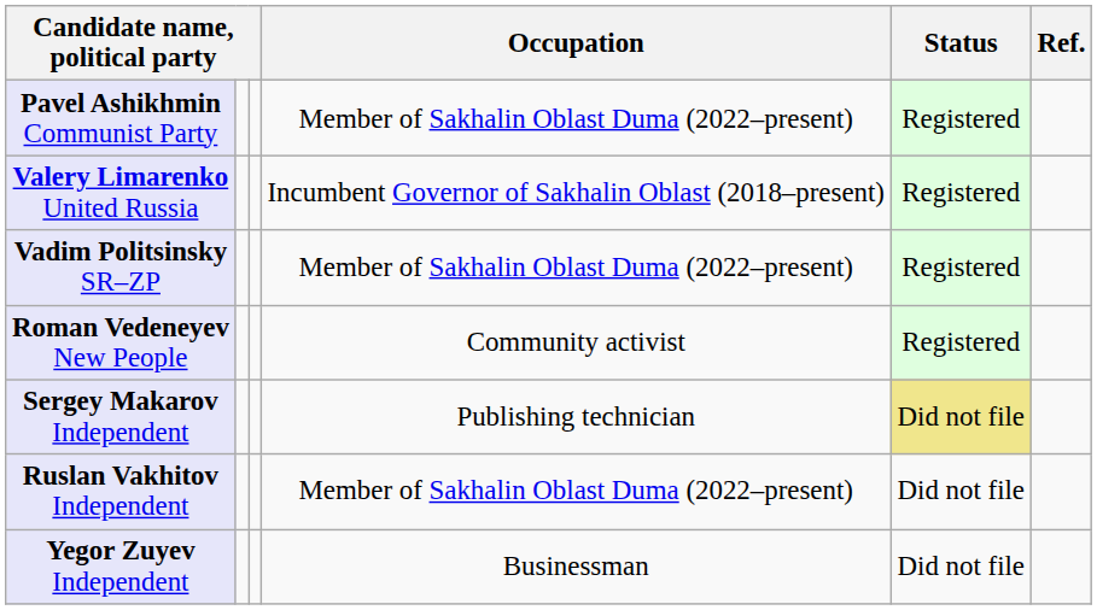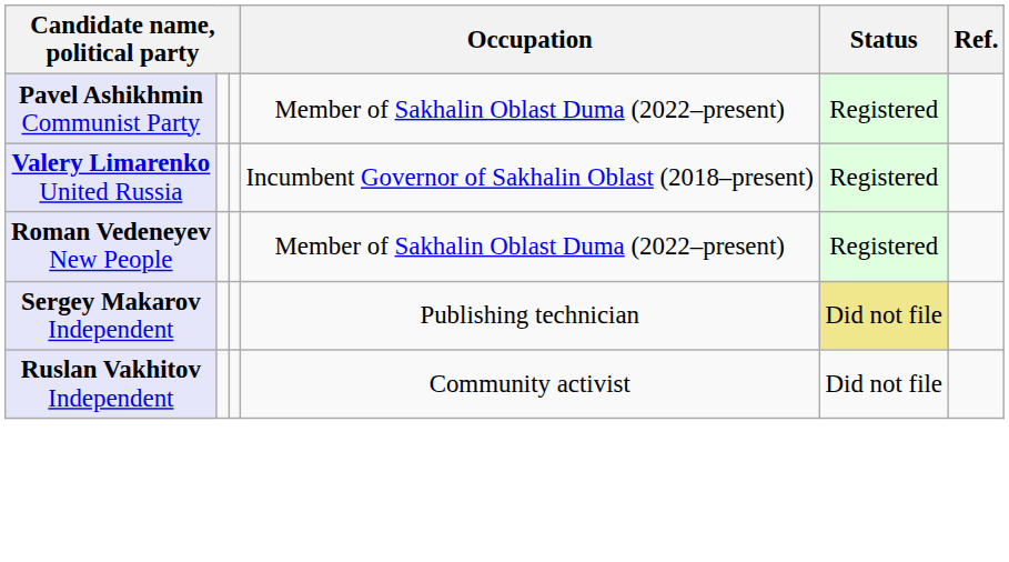 <table class="wikitable" style="text-align:center;">
 <tr>
 <th colspan="3">Candidate name,<br>political party</th>
 <th>Occupation</th>
 <th>Status</th>
 <th>Ref.</th>
 </tr>
 <tr>
 <td style="background:lavender;"><strong>Pavel Ashikhmin</strong><br><a href='#'>Communist Party</a></td>
 <td style="background-color:"></td>
 <td></td>
 <td>Member of <a href='#'>Sakhalin Oblast Duma</a> (2022–present)</td>
 <td bgcolor="#DFFFDF">Registered</td>
 <td></td>
 </tr>
 <tr>
 <td style="background:lavender;"><strong><a href='#'>Valery Limarenko</a></strong><br><a href='#'>United Russia</a></td>
 <td style="background-color:"></td>
 <td></td>
 <td>Incumbent <a href='#'>Governor of Sakhalin Oblast</a> (2018–present)</td>
 <td bgcolor="#DFFFDF">Registered</td>
 <td></td>
 </tr>
 <tr>
-<td style="background:lavender;"><strong>Vadim Politsinsky</strong><br><a href='#'>SR–ZP</a></td>
+<td style="background:lavender;"><strong>Roman Vedeneyev</strong><br><a href='#'>New People</a></td>
 <td style="background-color:"></td>
 <td></td>
 <td>Member of <a href='#'>Sakhalin Oblast Duma</a> (2022–present)</td>
-<td bgcolor="#DFFFDF">Registered</td>
-<td></td>
-</tr>
-<tr>
-<td style="background:lavender;"><strong>Roman Vedeneyev</strong><br><a href='#'>New People</a></td>
-<td style="background-color:"></td>
-<td></td>
-<td>Community activist</td>
 <td bgcolor="#DFFFDF">Registered</td>
 <td></td>
 </tr>
 <tr>
 <td style="background:lavender;"><strong>Sergey Makarov</strong><br><a href='#'>Independent</a></td>
 <td style="background-color:"></td>
 <td></td>
 <td>Publishing technician</td>
 <td style="background: khaki;">Did not file</td>
 <td></td>
 </tr>
 <tr>
 <td style="background:lavender;"><strong>Ruslan Vakhitov</strong><br><a href='#'>Independent</a></td>
 <td style="background-color:"></td>
 <td></td>
-<td>Member of <a href='#'>Sakhalin Oblast Duma</a> (2022–present)</td>
-<td>Did not file</td>
-<td></td>
-</tr>
-<tr>
-<td style="background:lavender;"><strong>Yegor Zuyev</strong><br><a href='#'>Independent</a></td>
-<td style="background-color:"></td>
-<td></td>
-<td>Businessman</td>
+<td>Community activist</td>
 <td>Did not file</td>
 <td></td>
 </tr>
 </table>
